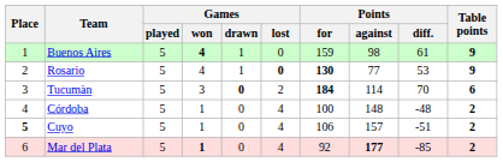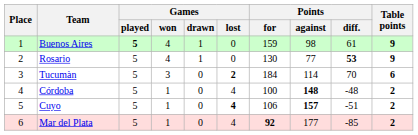 <table class="wikitable">
 <tr>
 <th rowspan=2 width="8%">Place</th>
 <th rowspan=2 width="20%">Team</th>
 <th colspan=4 width="32%">Games</th>
 <th colspan=3 width="30%">Points</th>
 <th rowspan=2 width="10%">Table<br>points</th>
 </tr>
 <tr>
 <th width="8%">played</th>
 <th width="8%">won</th>
 <th width="8%">drawn</th>
 <th width="8%">lost</th>
 <th width="10%">for</th>
 <th width="10%">against</th>
 <th width="10%">diff.</th>
 </tr>
 <tr align=center style="background: #ccffcc;">
 <td>1</td>
 <td align=left><a href='#'>Buenos Aires</a></td>
-<td>5</td>
-<td><strong>4</strong></td>
+<td><strong>5</strong></td>
+<td>4</td>
 <td>1</td>
 <td>0</td>
 <td>159</td>
 <td>98</td>
 <td>61</td>
 <td><strong>9</strong></td>
 </tr>
 <tr align=center style="background: #ffffff;">
 <td>2</td>
 <td align=left><a href='#'>Rosario</a></td>
 <td>5</td>
 <td>4</td>
 <td>1</td>
-<td><strong>0</strong></td>
-<td><strong>130</strong></td>
+<td>0</td>
+<td>130</td>
 <td>77</td>
-<td>53</td>
+<td><strong>53</strong></td>
 <td><strong>9</strong></td>
 </tr>
 <tr align=center style="background: #ffffff;">
 <td>3</td>
 <td align=left><a href='#'>Tucumàn</a></td>
 <td>5</td>
 <td>3</td>
-<td><strong>0</strong></td>
-<td>2</td>
-<td><strong>184</strong></td>
+<td>0</td>
+<td><strong>2</strong></td>
+<td>184</td>
 <td>114</td>
 <td>70</td>
 <td><strong>6</strong></td>
 </tr>
 <tr align=center style="background: #ffffff;">
 <td>4</td>
 <td align=left><a href='#'>Córdoba</a></td>
 <td>5</td>
 <td>1</td>
 <td>0</td>
 <td>4</td>
 <td>100</td>
-<td>148</td>
+<td><strong>148</strong></td>
 <td>-48</td>
 <td><strong>2</strong></td>
 </tr>
 <tr align=center style="background: #ffffff;">
-<td><strong>5</strong></td>
+<td>5</td>
 <td align=left><a href='#'>Cuyo</a></td>
 <td>5</td>
 <td>1</td>
 <td>0</td>
-<td>4</td>
+<td><strong>4</strong></td>
 <td>106</td>
-<td>157</td>
+<td><strong>157</strong></td>
 <td>-51</td>
 <td><strong>2</strong></td>
 </tr>
 <tr align=center style="background: #ffdddd;">
 <td>6</td>
 <td align=left><a href='#'>Mar del Plata</a></td>
 <td>5</td>
-<td><strong>1</strong></td>
+<td>1</td>
 <td>0</td>
 <td>4</td>
-<td>92</td>
-<td><strong>177</strong></td>
+<td><strong>92</strong></td>
+<td>177</td>
 <td>-85</td>
 <td><strong>2</strong></td>
 </tr>
 </table>
